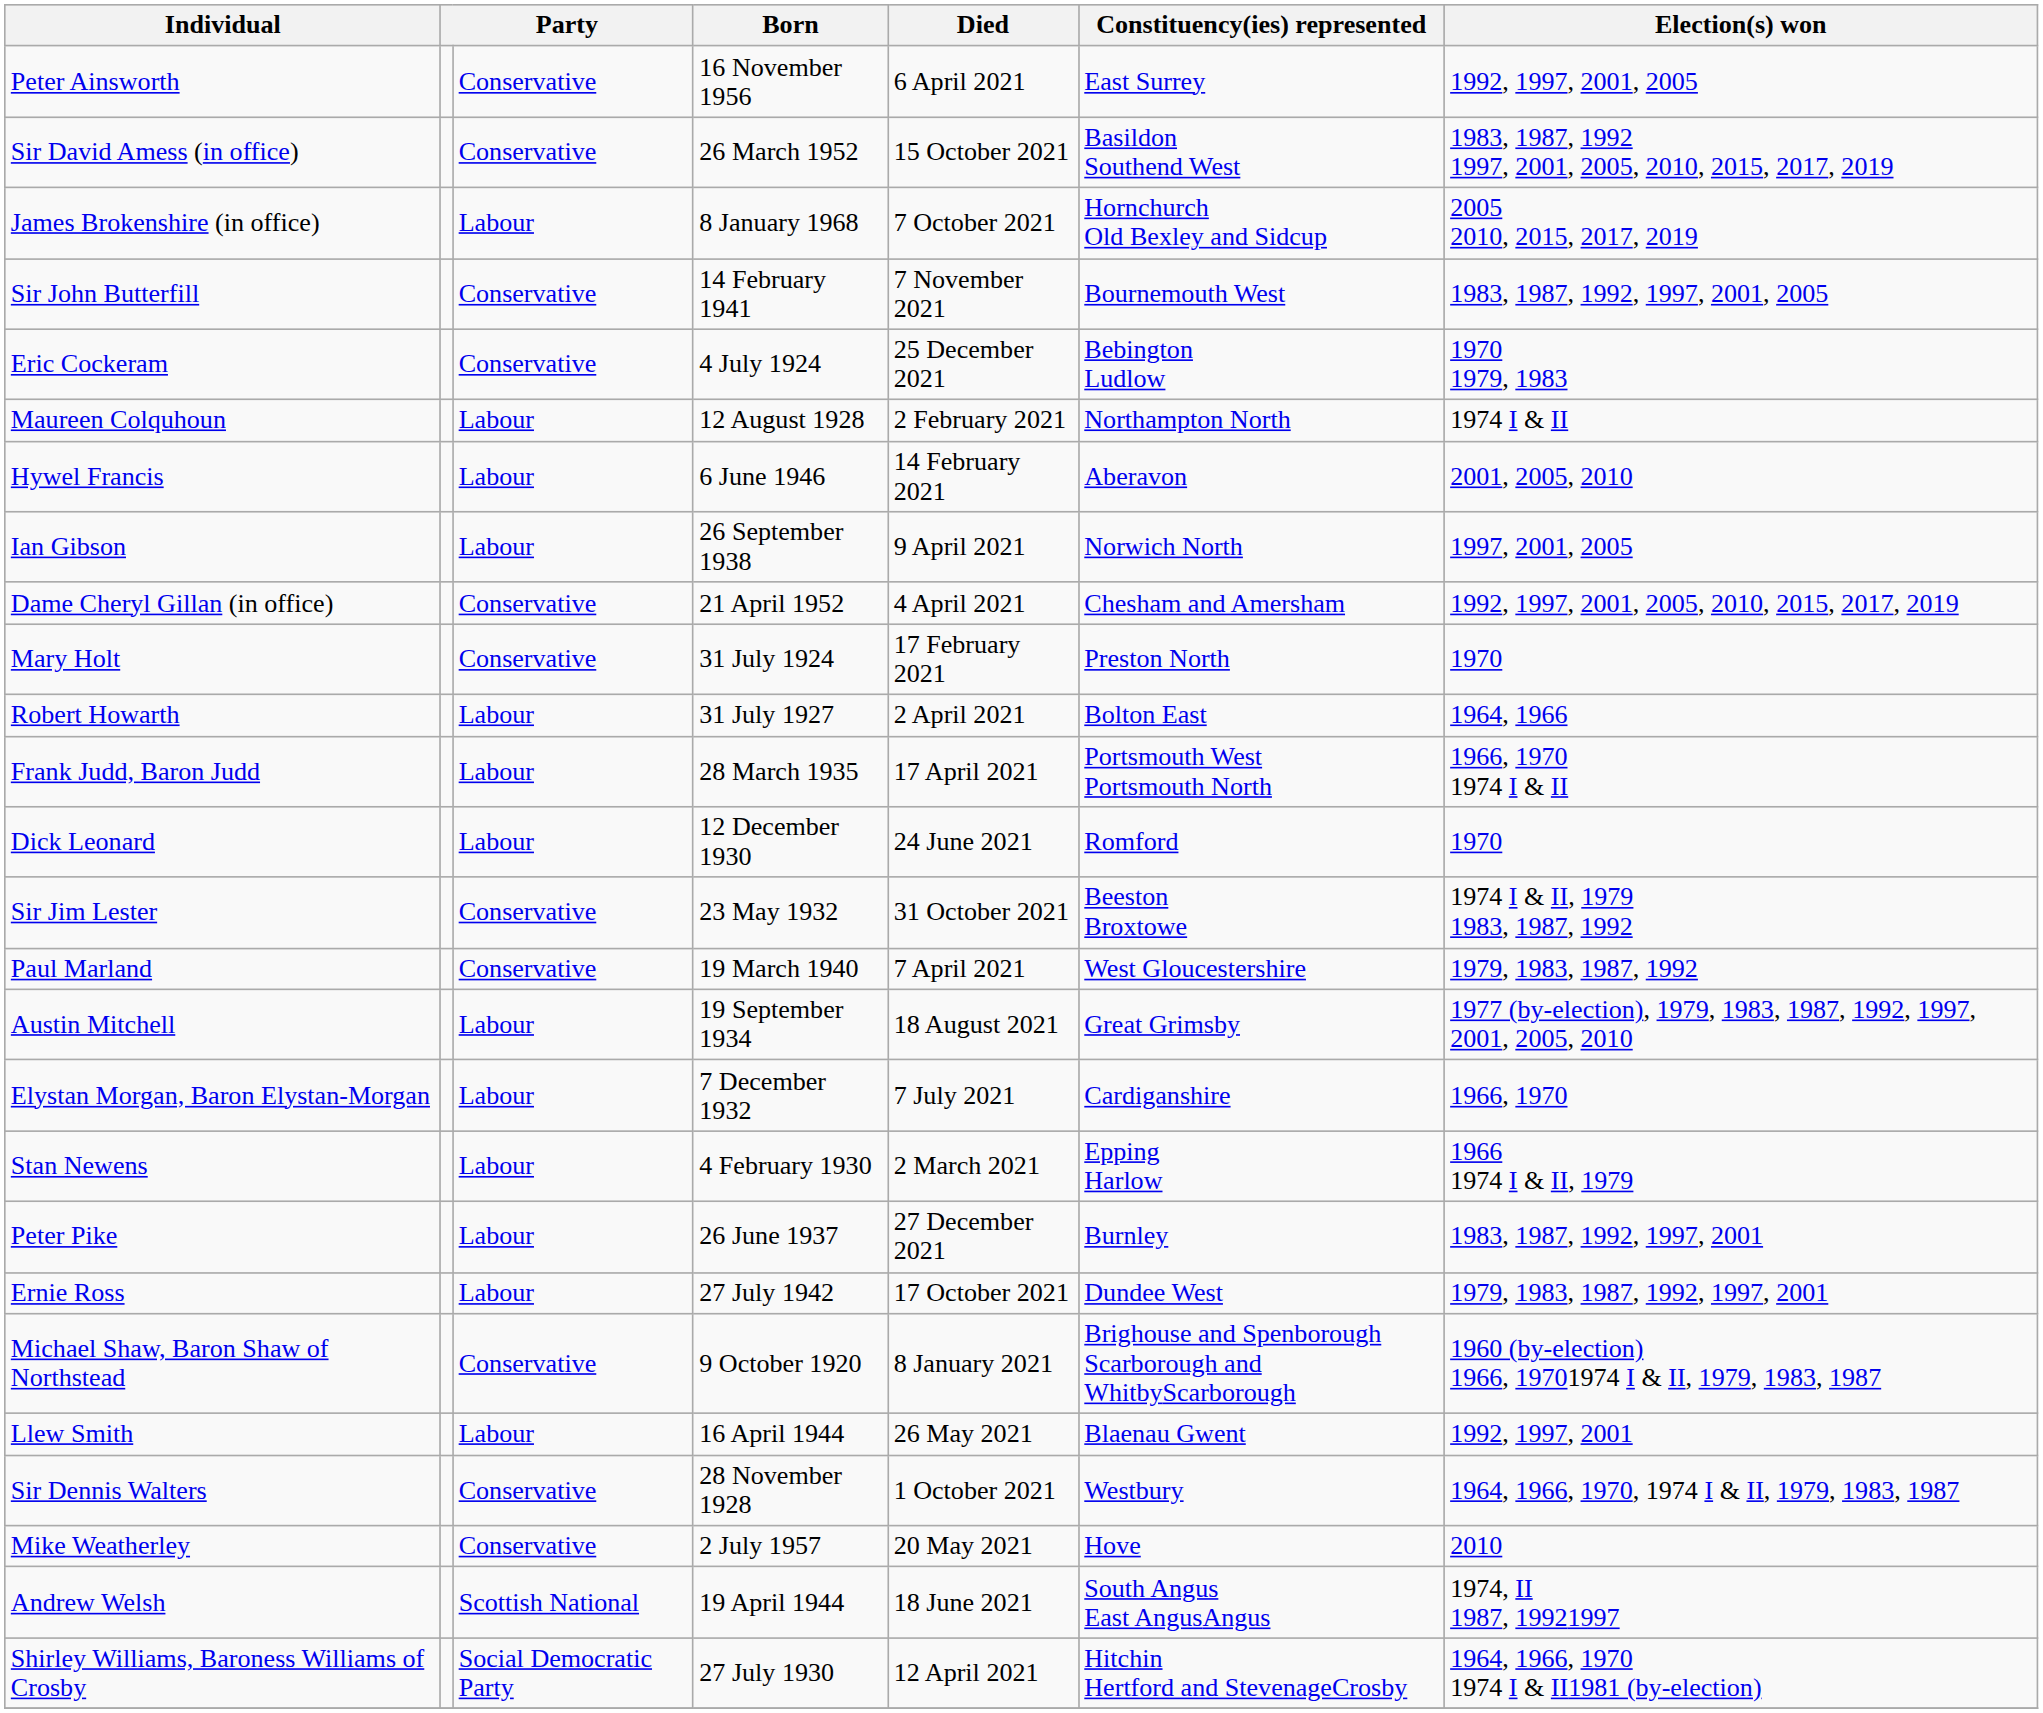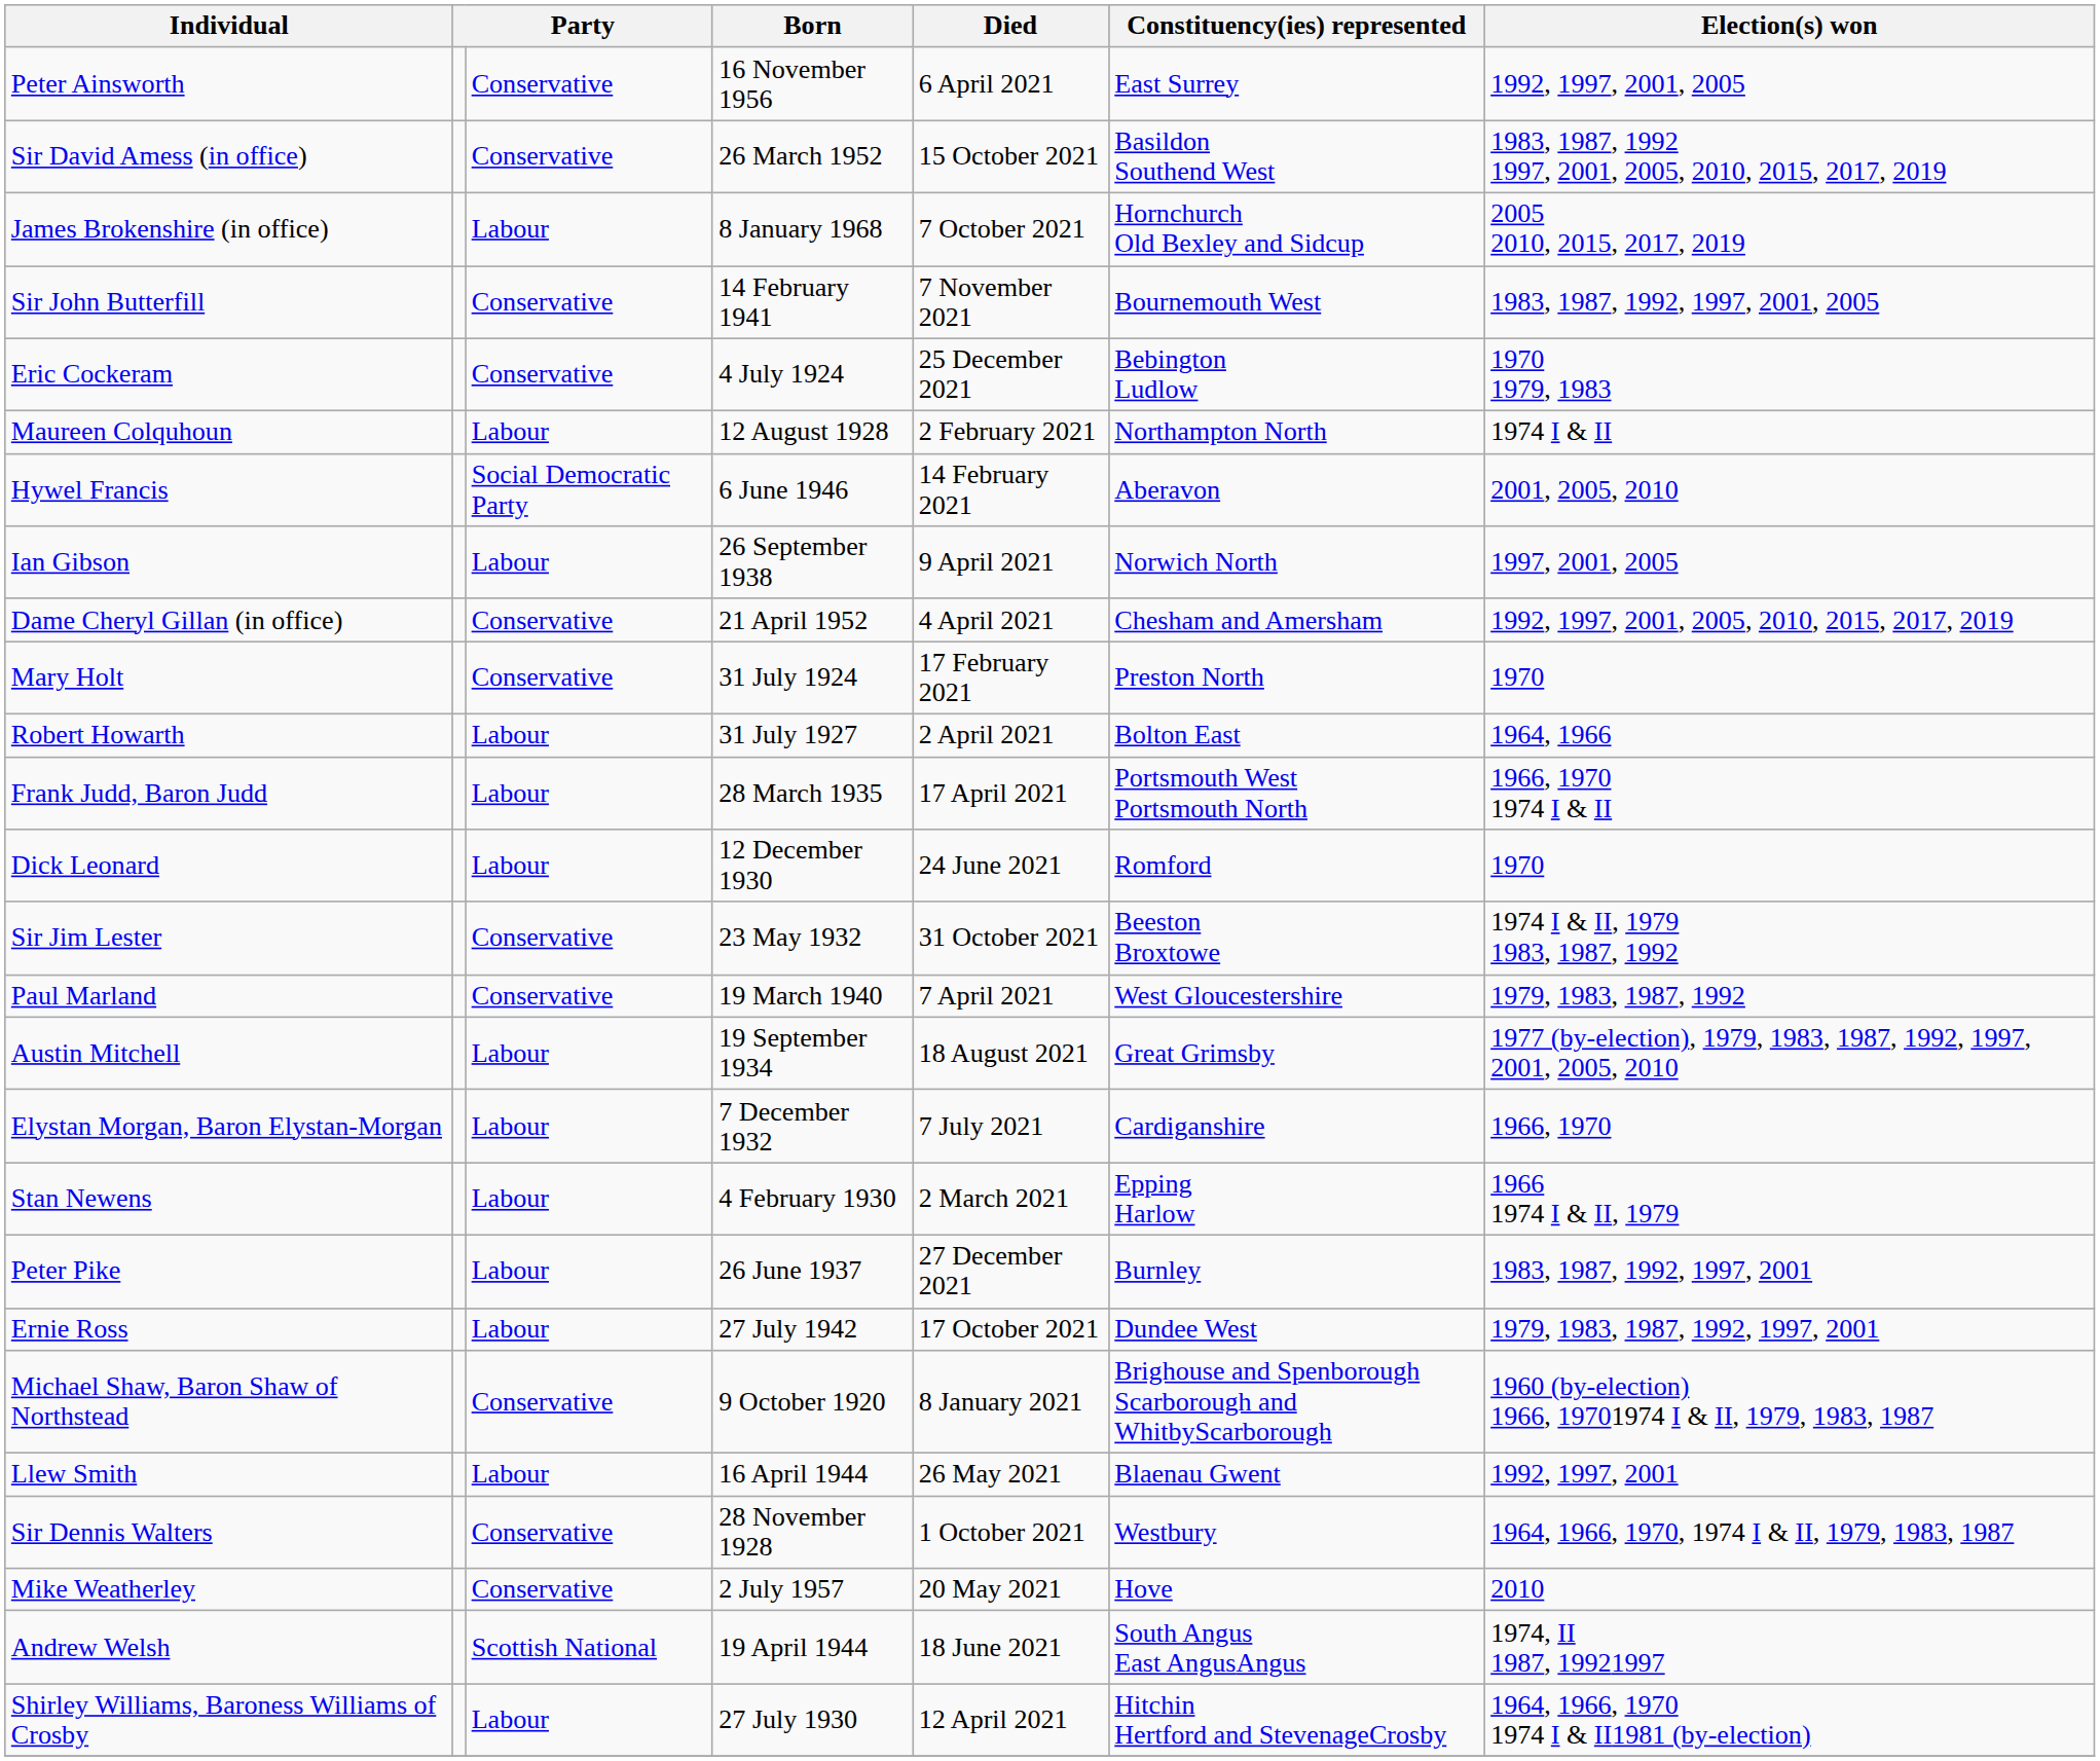 <table class="wikitable sortable">
 <tr>
 <th width="260px">Individual</th>
 <th colspan="2">Party</th>
 <th>Born</th>
 <th>Died</th>
 <th>Constituency(ies) represented</th>
 <th>Election(s) won</th>
 </tr>
 <tr>
 <td><a href='#'>Peter Ainsworth</a></td>
 <td style="background-color: "></td>
 <td><a href='#'>Conservative</a></td>
 <td>16 November 1956</td>
 <td>6 April 2021</td>
 <td><a href='#'>East Surrey</a></td>
 <td><a href='#'>1992</a>, <a href='#'>1997</a>, <a href='#'>2001</a>, <a href='#'>2005</a></td>
 </tr>
 <tr>
 <td><a href='#'>Sir David Amess</a> (<a href='#'>in office</a>)</td>
 <td style="background-color: "></td>
 <td><a href='#'>Conservative</a></td>
 <td>26 March 1952</td>
 <td>15 October 2021</td>
 <td><a href='#'>Basildon</a><br><a href='#'>Southend West</a></td>
 <td><a href='#'>1983</a>, <a href='#'>1987</a>, <a href='#'>1992</a><br><a href='#'>1997</a>, <a href='#'>2001</a>, <a href='#'>2005</a>, <a href='#'>2010</a>, <a href='#'>2015</a>, <a href='#'>2017</a>, <a href='#'>2019</a></td>
 </tr>
 <tr>
 <td><a href='#'>James Brokenshire</a> (in office)</td>
 <td style="background-color: "></td>
 <td><a href='#'>Labour</a></td>
 <td>8 January 1968</td>
 <td>7 October 2021</td>
 <td><a href='#'>Hornchurch</a><br><a href='#'>Old Bexley and Sidcup</a></td>
 <td><a href='#'>2005</a><br><a href='#'>2010</a>, <a href='#'>2015</a>, <a href='#'>2017</a>, <a href='#'>2019</a></td>
 </tr>
 <tr>
 <td><a href='#'>Sir John Butterfill</a></td>
 <td style="background-color: "></td>
 <td><a href='#'>Conservative</a></td>
 <td>14 February 1941</td>
 <td>7 November 2021</td>
 <td><a href='#'>Bournemouth West</a></td>
 <td><a href='#'>1983</a>, <a href='#'>1987</a>, <a href='#'>1992</a>, <a href='#'>1997</a>, <a href='#'>2001</a>, <a href='#'>2005</a></td>
 </tr>
 <tr>
 <td><a href='#'>Eric Cockeram</a></td>
 <td style="background-color: "></td>
 <td><a href='#'>Conservative</a></td>
 <td>4 July 1924</td>
 <td>25 December 2021</td>
 <td><a href='#'>Bebington</a><br><a href='#'>Ludlow</a></td>
 <td><a href='#'>1970</a><br><a href='#'>1979</a>, <a href='#'>1983</a></td>
 </tr>
 <tr>
 <td><a href='#'>Maureen Colquhoun</a></td>
 <td style="background-color: "></td>
 <td><a href='#'>Labour</a></td>
 <td>12 August 1928</td>
 <td>2 February 2021</td>
 <td><a href='#'>Northampton North</a></td>
 <td>1974 <a href='#'>I</a> & <a href='#'>II</a></td>
 </tr>
 <tr>
 <td><a href='#'>Hywel Francis</a></td>
 <td style="background-color: "></td>
-<td><a href='#'>Labour</a></td>
+<td><a href='#'>Social Democratic Party</a></td>
 <td>6 June 1946</td>
 <td>14 February 2021</td>
 <td><a href='#'>Aberavon</a></td>
 <td><a href='#'>2001</a>, <a href='#'>2005</a>, <a href='#'>2010</a></td>
 </tr>
 <tr>
 <td><a href='#'>Ian Gibson</a></td>
 <td style="background-color: "></td>
 <td><a href='#'>Labour</a></td>
 <td>26 September 1938</td>
 <td>9 April 2021</td>
 <td><a href='#'>Norwich North</a></td>
 <td><a href='#'>1997</a>, <a href='#'>2001</a>, <a href='#'>2005</a></td>
 </tr>
 <tr>
 <td><a href='#'>Dame Cheryl Gillan</a> (in office)</td>
 <td style="background-color: "></td>
 <td><a href='#'>Conservative</a></td>
 <td>21 April 1952</td>
 <td>4 April 2021</td>
 <td><a href='#'>Chesham and Amersham</a></td>
 <td><a href='#'>1992</a>, <a href='#'>1997</a>, <a href='#'>2001</a>, <a href='#'>2005</a>, <a href='#'>2010</a>, <a href='#'>2015</a>, <a href='#'>2017</a>, <a href='#'>2019</a></td>
 </tr>
 <tr>
 <td><a href='#'>Mary Holt</a></td>
 <td style="background-color: "></td>
 <td><a href='#'>Conservative</a></td>
 <td>31 July 1924</td>
 <td>17 February 2021</td>
 <td><a href='#'>Preston North</a></td>
 <td><a href='#'>1970</a></td>
 </tr>
 <tr>
 <td><a href='#'>Robert Howarth</a></td>
 <td style="background-color: "></td>
 <td><a href='#'>Labour</a></td>
 <td>31 July 1927</td>
 <td>2 April 2021</td>
 <td><a href='#'>Bolton East</a></td>
 <td><a href='#'>1964</a>, <a href='#'>1966</a></td>
 </tr>
 <tr>
 <td><a href='#'>Frank Judd, Baron Judd</a></td>
 <td style="background-color: "></td>
 <td><a href='#'>Labour</a></td>
 <td>28 March 1935</td>
 <td>17 April 2021</td>
 <td><a href='#'>Portsmouth West</a><br><a href='#'>Portsmouth North</a></td>
 <td><a href='#'>1966</a>, <a href='#'>1970</a><br>1974 <a href='#'>I</a> & <a href='#'>II</a></td>
 </tr>
 <tr>
 <td><a href='#'>Dick Leonard</a></td>
 <td style="background-color: "></td>
 <td><a href='#'>Labour</a></td>
 <td>12 December 1930</td>
 <td>24 June 2021</td>
 <td><a href='#'>Romford</a></td>
 <td><a href='#'>1970</a></td>
 </tr>
 <tr>
 <td><a href='#'>Sir Jim Lester</a></td>
 <td style="background-color: "></td>
 <td><a href='#'>Conservative</a></td>
 <td>23 May 1932</td>
 <td>31 October 2021</td>
 <td><a href='#'>Beeston</a><br><a href='#'>Broxtowe</a></td>
 <td>1974 <a href='#'>I</a> & <a href='#'>II</a>, <a href='#'>1979</a><br><a href='#'>1983</a>, <a href='#'>1987</a>, <a href='#'>1992</a></td>
 </tr>
 <tr>
 <td><a href='#'>Paul Marland</a></td>
 <td style="background-color: "></td>
 <td><a href='#'>Conservative</a></td>
 <td>19 March 1940</td>
 <td>7 April 2021</td>
 <td><a href='#'>West Gloucestershire</a></td>
 <td><a href='#'>1979</a>, <a href='#'>1983</a>, <a href='#'>1987</a>, <a href='#'>1992</a></td>
 </tr>
 <tr>
 <td><a href='#'>Austin Mitchell</a></td>
 <td style="background-color: "></td>
 <td><a href='#'>Labour</a></td>
 <td>19 September 1934</td>
 <td>18 August 2021</td>
 <td><a href='#'>Great Grimsby</a></td>
 <td><a href='#'>1977 (by-election)</a>, <a href='#'>1979</a>, <a href='#'>1983</a>, <a href='#'>1987</a>, <a href='#'>1992</a>, <a href='#'>1997</a>, <a href='#'>2001</a>, <a href='#'>2005</a>, <a href='#'>2010</a></td>
 </tr>
 <tr>
 <td><a href='#'>Elystan Morgan, Baron Elystan-Morgan</a></td>
 <td style="background-color: "></td>
 <td><a href='#'>Labour</a></td>
 <td>7 December 1932</td>
 <td>7 July 2021</td>
 <td><a href='#'>Cardiganshire</a></td>
 <td><a href='#'>1966</a>, <a href='#'>1970</a></td>
 </tr>
 <tr>
 <td><a href='#'>Stan Newens</a></td>
 <td style="background-color: "></td>
 <td><a href='#'>Labour</a></td>
 <td>4 February 1930</td>
 <td>2 March 2021</td>
 <td><a href='#'>Epping</a><br><a href='#'>Harlow</a></td>
 <td><a href='#'>1966</a><br>1974 <a href='#'>I</a> & <a href='#'>II</a>, <a href='#'>1979</a></td>
 </tr>
 <tr>
 <td><a href='#'>Peter Pike</a></td>
 <td style="background-color: "></td>
 <td><a href='#'>Labour</a></td>
 <td>26 June 1937</td>
 <td>27 December 2021</td>
 <td><a href='#'>Burnley</a></td>
 <td><a href='#'>1983</a>, <a href='#'>1987</a>, <a href='#'>1992</a>, <a href='#'>1997</a>, <a href='#'>2001</a></td>
 </tr>
 <tr>
 <td><a href='#'>Ernie Ross</a></td>
 <td style="background-color: "></td>
 <td><a href='#'>Labour</a></td>
 <td>27 July 1942</td>
 <td>17 October 2021</td>
 <td><a href='#'>Dundee West</a></td>
 <td><a href='#'>1979</a>, <a href='#'>1983</a>, <a href='#'>1987</a>, <a href='#'>1992</a>, <a href='#'>1997</a>, <a href='#'>2001</a></td>
 </tr>
 <tr>
 <td><a href='#'>Michael Shaw, Baron Shaw of Northstead</a></td>
 <td style="background-color: "></td>
 <td><a href='#'>Conservative</a></td>
 <td>9 October 1920</td>
 <td>8 January 2021</td>
 <td><a href='#'>Brighouse and Spenborough</a><br><a href='#'>Scarborough and Whitby</a><a href='#'>Scarborough</a></td>
 <td><a href='#'>1960 (by-election)</a><br><a href='#'>1966</a>, <a href='#'>1970</a>1974 <a href='#'>I</a> & <a href='#'>II</a>, <a href='#'>1979</a>, <a href='#'>1983</a>, <a href='#'>1987</a></td>
 </tr>
 <tr>
 <td><a href='#'>Llew Smith</a></td>
 <td style="background-color: "></td>
 <td><a href='#'>Labour</a></td>
 <td>16 April 1944</td>
 <td>26 May 2021</td>
 <td><a href='#'>Blaenau Gwent</a></td>
 <td><a href='#'>1992</a>, <a href='#'>1997</a>, <a href='#'>2001</a></td>
 </tr>
 <tr>
 <td><a href='#'>Sir Dennis Walters</a></td>
 <td style="background-color: "></td>
 <td><a href='#'>Conservative</a></td>
 <td>28 November 1928</td>
 <td>1 October 2021</td>
 <td><a href='#'>Westbury</a></td>
 <td><a href='#'>1964</a>, <a href='#'>1966</a>, <a href='#'>1970</a>, 1974 <a href='#'>I</a> & <a href='#'>II</a>, <a href='#'>1979</a>, <a href='#'>1983</a>, <a href='#'>1987</a></td>
 </tr>
 <tr>
 <td><a href='#'>Mike Weatherley</a></td>
 <td style="background-color: "></td>
 <td><a href='#'>Conservative</a></td>
 <td>2 July 1957</td>
 <td>20 May 2021</td>
 <td><a href='#'>Hove</a></td>
 <td><a href='#'>2010</a></td>
 </tr>
 <tr>
 <td><a href='#'>Andrew Welsh</a></td>
 <td style="background-color: "></td>
 <td><a href='#'>Scottish National</a></td>
 <td>19 April 1944</td>
 <td>18 June 2021</td>
 <td><a href='#'>South Angus</a><br><a href='#'>East Angus</a><a href='#'>Angus</a></td>
 <td>1974, <a href='#'>II</a><br><a href='#'>1987</a>, <a href='#'>1992</a><a href='#'>1997</a></td>
 </tr>
 <tr>
 <td><a href='#'>Shirley Williams, Baroness Williams of Crosby</a></td>
 <td style="background-color: "></td>
-<td><a href='#'>Social Democratic Party</a></td>
+<td><a href='#'>Labour</a></td>
 <td>27 July 1930</td>
 <td>12 April 2021</td>
 <td><a href='#'>Hitchin</a><br><a href='#'>Hertford and Stevenage</a><a href='#'>Crosby</a></td>
 <td><a href='#'>1964</a>, <a href='#'>1966</a>, <a href='#'>1970</a><br>1974 <a href='#'>I</a> & <a href='#'>II</a><a href='#'>1981 (by-election)</a></td>
 </tr>
 <tr>
 </tr>
 </table>
